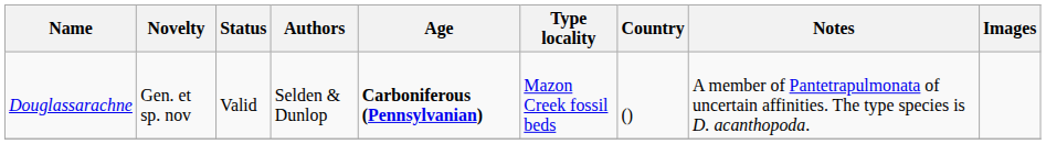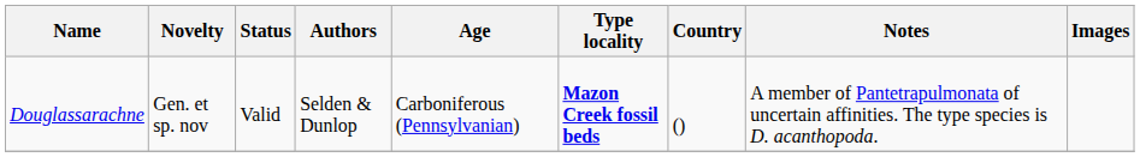 <table class="wikitable sortable" align="center" width="75%">
 <tr>
 <th>Name</th>
 <th>Novelty</th>
 <th>Status</th>
 <th>Authors</th>
 <th>Age</th>
 <th>Type locality</th>
 <th>Country</th>
 <th>Notes</th>
 <th>Images</th>
 </tr>
 <tr>
 <td><br><em><a href='#'>Douglassarachne</a></em></td>
 <td><br>Gen. et sp. nov</td>
 <td><br>Valid</td>
 <td><br>Selden & Dunlop</td>
-<td><strong><br>Carboniferous (<a href='#'>Pennsylvanian</a>)</strong></td>
-<td><br><a href='#'>Mazon Creek fossil beds</a></td>
+<td><br>Carboniferous (<a href='#'>Pennsylvanian</a>)</td>
+<td><strong><br><a href='#'>Mazon Creek fossil beds</a></strong></td>
 <td><br><br>()</td>
 <td><br>A member of <a href='#'>Pantetrapulmonata</a> of uncertain affinities. The type species is <em>D. acanthopoda</em>.</td>
 <td></td>
 </tr>
 <tr>
 </tr>
 </table>
